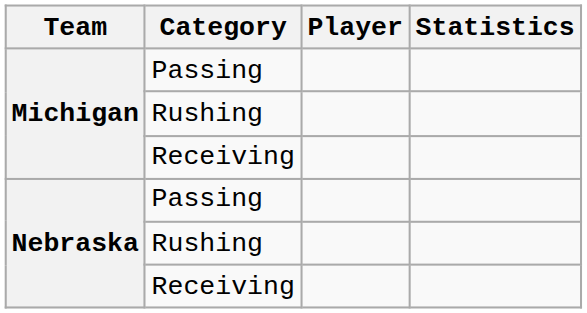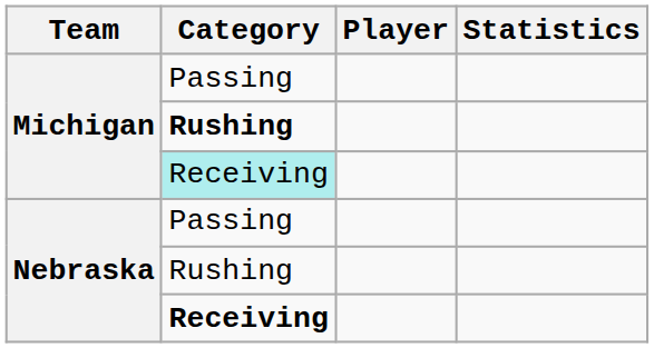 <table class="wikitable" style="float:right">
 <tr>
 <th>Team</th>
 <th>Category</th>
 <th>Player</th>
 <th>Statistics</th>
 </tr>
 <tr>
 <th rowspan=3>Michigan</th>
 <td>Passing</td>
 <td></td>
 <td></td>
 </tr>
 <tr>
-<td>Rushing</td>
+<td><strong>Rushing</strong></td>
 <td></td>
 <td></td>
 </tr>
 <tr>
-<td>Receiving</td>
+<td style="background: paleturquoise;">Receiving</td>
 <td></td>
 <td></td>
 </tr>
 <tr>
 <th rowspan=3>Nebraska</th>
 <td>Passing</td>
 <td></td>
 <td></td>
 </tr>
 <tr>
 <td>Rushing</td>
 <td></td>
 <td></td>
 </tr>
 <tr>
-<td>Receiving</td>
+<td><strong>Receiving</strong></td>
 <td></td>
 <td></td>
 </tr>
 </table>
